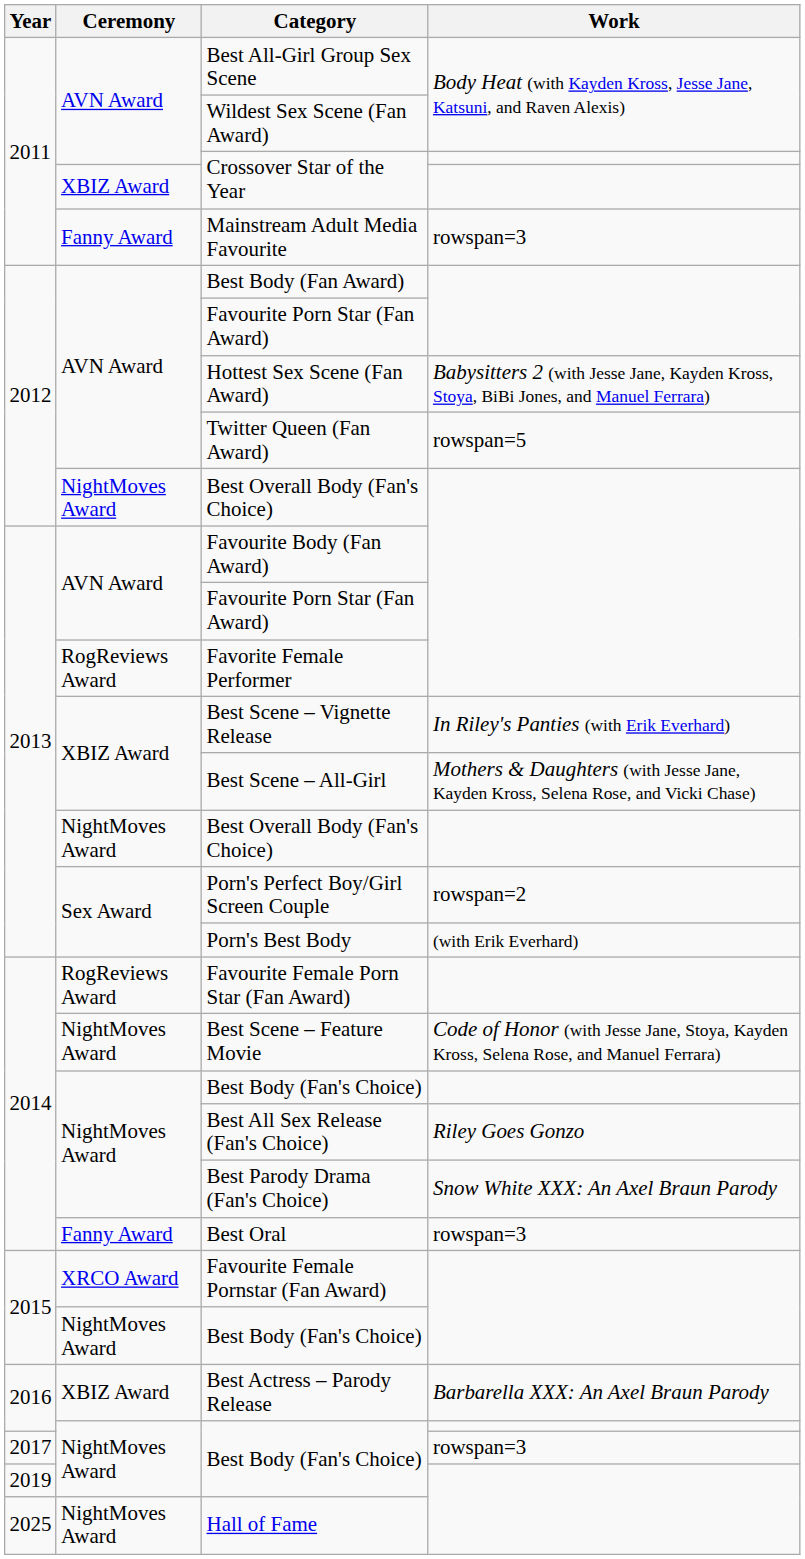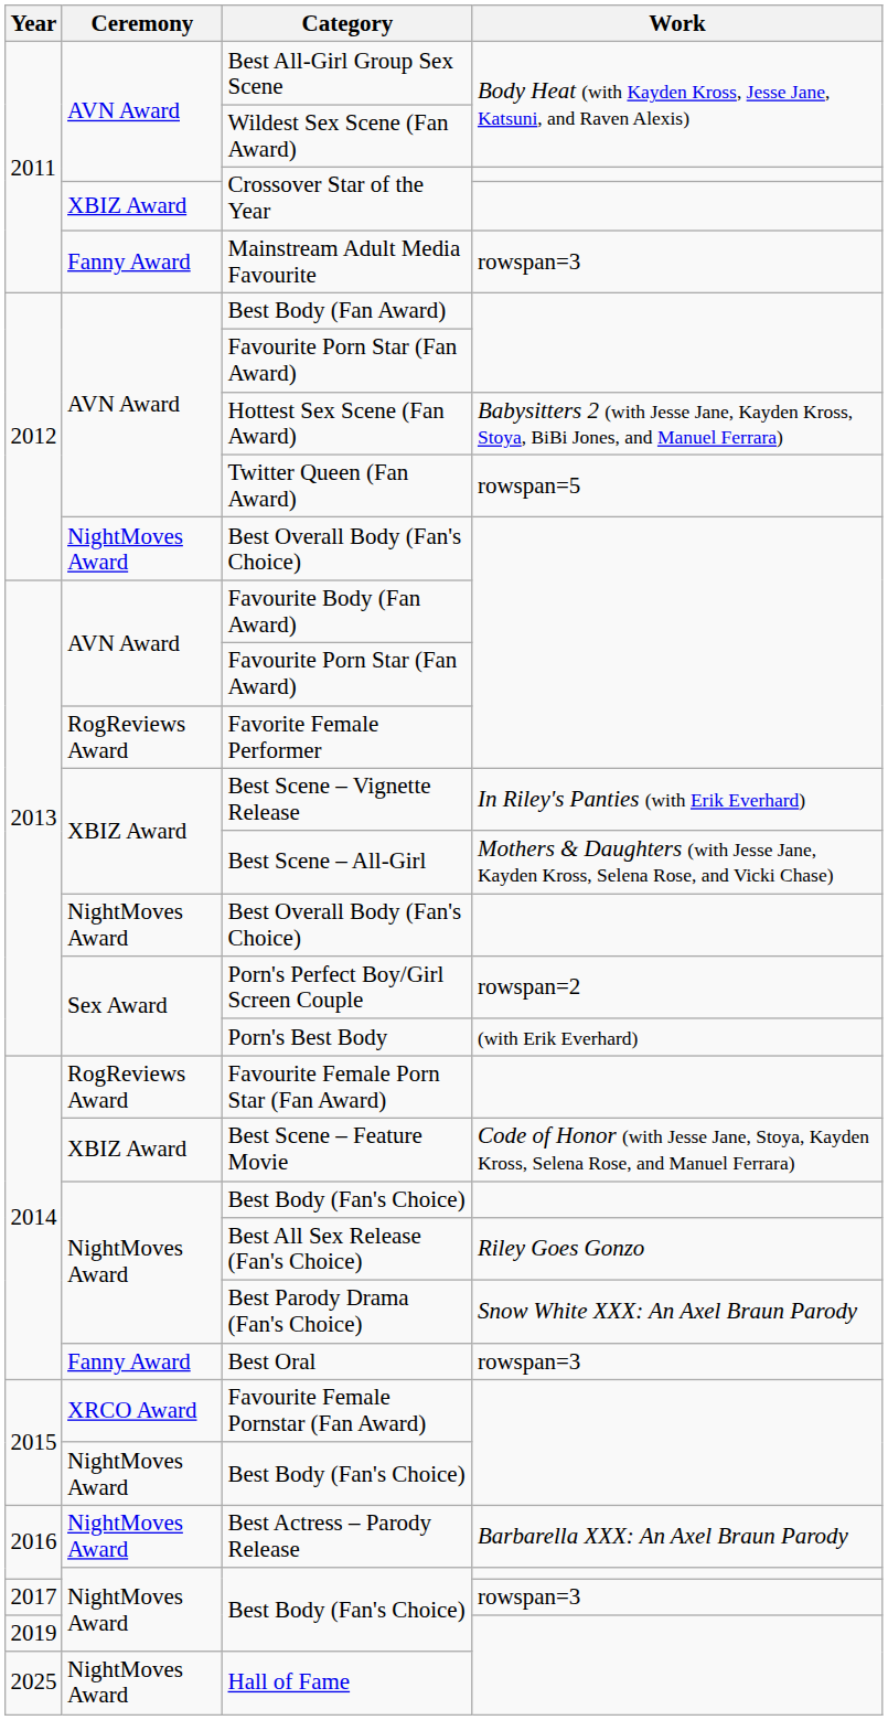 <table class="wikitable sortable">
 <tr>
 <th>Year</th>
 <th>Ceremony</th>
 <th>Category</th>
 <th>Work</th>
 </tr>
 <tr>
 <td rowspan=5>2011</td>
 <td rowspan=3><a href='#'>AVN Award</a></td>
 <td>Best All-Girl Group Sex Scene</td>
 <td rowspan=2><em>Body Heat</em> <small>(with <a href='#'>Kayden Kross</a>, <a href='#'>Jesse Jane</a>, <a href='#'>Katsuni</a>, and Raven Alexis)</small></td>
 </tr>
 <tr>
 <td>Wildest Sex Scene (Fan Award)</td>
 </tr>
 <tr>
 <td rowspan=2>Crossover Star of the Year</td>
 <td></td>
 </tr>
 <tr>
 <td><a href='#'>XBIZ Award</a></td>
 <td></td>
 </tr>
 <tr>
 <td><a href='#'>Fanny Award</a></td>
 <td>Mainstream Adult Media Favourite</td>
 <td>rowspan=3 </td>
 </tr>
 <tr>
 <td rowspan=5>2012</td>
 <td rowspan=4>AVN Award</td>
 <td>Best Body (Fan Award)</td>
 </tr>
 <tr>
 <td>Favourite Porn Star (Fan Award)</td>
 </tr>
 <tr>
 <td>Hottest Sex Scene (Fan Award)</td>
 <td><em>Babysitters 2</em> <small>(with Jesse Jane, Kayden Kross, <a href='#'>Stoya</a>, BiBi Jones, and <a href='#'>Manuel Ferrara</a>)</small></td>
 </tr>
 <tr>
 <td>Twitter Queen (Fan Award)</td>
 <td>rowspan=5 </td>
 </tr>
 <tr>
 <td><a href='#'>NightMoves Award</a></td>
 <td>Best Overall Body (Fan's Choice)</td>
 </tr>
 <tr>
 <td rowspan=8>2013</td>
 <td rowspan=2>AVN Award</td>
 <td>Favourite Body (Fan Award)</td>
 </tr>
 <tr>
 <td>Favourite Porn Star (Fan Award)</td>
 </tr>
 <tr>
 <td>RogReviews Award</td>
 <td>Favorite Female Performer</td>
 </tr>
 <tr>
 <td rowspan=2>XBIZ Award</td>
 <td>Best Scene – Vignette Release</td>
 <td><em>In Riley's Panties</em> <small>(with <a href='#'>Erik Everhard</a>)</small></td>
 </tr>
 <tr>
 <td>Best Scene – All-Girl</td>
 <td><em>Mothers & Daughters</em> <small>(with Jesse Jane, Kayden Kross, Selena Rose, and Vicki Chase)</small></td>
 </tr>
 <tr>
 <td>NightMoves Award</td>
 <td>Best Overall Body (Fan's Choice)</td>
 <td></td>
 </tr>
 <tr>
 <td rowspan=2>Sex Award</td>
 <td>Porn's Perfect Boy/Girl Screen Couple</td>
 <td>rowspan=2 </td>
 </tr>
 <tr>
 <td>Porn's Best Body</td>
 <td><small>(with Erik Everhard)</small></td>
 </tr>
 <tr>
 <td rowspan=6>2014</td>
 <td>RogReviews Award</td>
 <td>Favourite Female Porn Star (Fan Award)</td>
 </tr>
 <tr>
-<td>NightMoves Award</td>
+<td>XBIZ Award</td>
 <td>Best Scene – Feature Movie</td>
 <td><em>Code of Honor</em> <small>(with Jesse Jane, Stoya, Kayden Kross, Selena Rose, and Manuel Ferrara)</small></td>
 </tr>
 <tr>
 <td rowspan=3>NightMoves Award</td>
 <td>Best Body (Fan's Choice)</td>
 <td></td>
 </tr>
 <tr>
 <td>Best All Sex Release (Fan's Choice)</td>
 <td><em>Riley Goes Gonzo</em></td>
 </tr>
 <tr>
 <td>Best Parody Drama (Fan's Choice)</td>
 <td><em>Snow White XXX: An Axel Braun Parody</em></td>
 </tr>
 <tr>
 <td><a href='#'>Fanny Award</a></td>
 <td>Best Oral</td>
 <td>rowspan=3 </td>
 </tr>
 <tr>
 <td rowspan=2>2015</td>
 <td><a href='#'>XRCO Award</a></td>
 <td>Favourite Female Pornstar (Fan Award)</td>
 </tr>
 <tr>
 <td>NightMoves Award</td>
 <td>Best Body (Fan's Choice)</td>
 </tr>
 <tr>
 <td rowspan=2>2016</td>
-<td>XBIZ Award</td>
+<td><a href='#'>NightMoves Award</a></td>
 <td>Best Actress – Parody Release</td>
 <td><em>Barbarella XXX: An Axel Braun Parody</em></td>
 </tr>
 <tr>
 <td rowspan=3>NightMoves Award</td>
 <td rowspan=3>Best Body (Fan's Choice)</td>
 <td></td>
 </tr>
 <tr>
 <td>2017</td>
 <td>rowspan=3 </td>
 </tr>
 <tr>
 <td>2019</td>
 </tr>
 <tr>
 <td>2025</td>
 <td>NightMoves Award</td>
 <td><a href='#'>Hall of Fame</a></td>
 </tr>
 </table>
